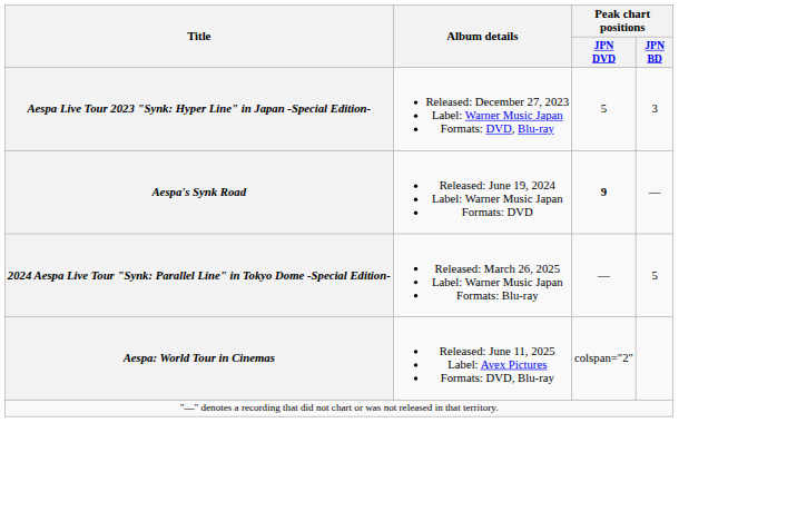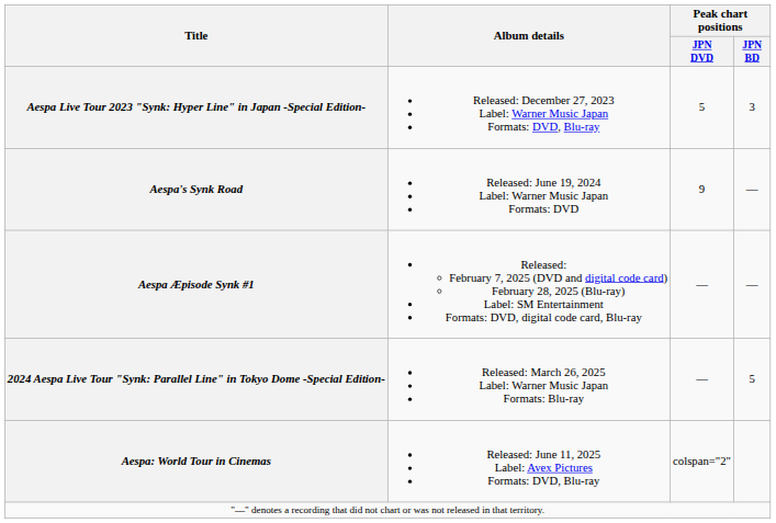 <table class="wikitable plainrowheaders" style="text-align:center">
 <tr>
 <th rowspan="2" scope="col">Title</th>
 <th rowspan="2" scope="col">Album details</th>
 <th colspan="2" scope="col">Peak chart positions</th>
 </tr>
 <tr>
 <th scope="col" style="width:3em;font-size:90%"><a href='#'>JPN<br>DVD</a><br></th>
 <th scope="col" style="width:3em;font-size:90%"><a href='#'>JPN<br>BD</a><br></th>
 </tr>
 <tr>
 <th scope="row"><em>Aespa Live Tour 2023 "Synk: Hyper Line" in Japan -Special Edition-</em></th>
 <td><br><ul><li>Released: December 27, 2023</li><li>Label: <a href='#'>Warner Music Japan</a></li><li>Formats: <a href='#'>DVD</a>, <a href='#'>Blu-ray</a></li></ul></td>
 <td>5</td>
 <td>3</td>
 </tr>
 <tr>
 <th scope="row"><em>Aespa's Synk Road</em></th>
 <td><br><ul><li>Released: June 19, 2024</li><li>Label: Warner Music Japan</li><li>Formats: DVD</li></ul></td>
-<td><strong>9</strong></td>
+<td>9</td>
+<td>—</td>
+</tr>
+<tr>
+<th scope="row"><em>Aespa Æpisode Synk #1</em></th>
+<td><br><ul><li>Released:<ul><li>February 7, 2025 (DVD and <a href='#'>digital code card</a>)</li><li>February 28, 2025 (Blu-ray)</li></ul></li><li>Label: SM Entertainment</li><li>Formats: DVD, digital code card, Blu-ray</li></ul></td>
+<td>—</td>
 <td>—</td>
 </tr>
 <tr>
 <th scope="row"><em>2024 Aespa Live Tour "Synk: Parallel Line" in Tokyo Dome -Special Edition-</em></th>
 <td><br><ul><li>Released: March 26, 2025</li><li>Label: Warner Music Japan</li><li>Formats: Blu-ray</li></ul></td>
 <td>—</td>
 <td>5</td>
 </tr>
 <tr>
 <th scope="row"><em>Aespa: World Tour in Cinemas</em></th>
 <td><br><ul><li>Released: June 11, 2025</li><li>Label: <a href='#'>Avex Pictures</a></li><li>Formats: DVD, Blu-ray</li></ul></td>
 <td>colspan="2" </td>
 </tr>
 <tr>
 <td colspan="4" style="font-size:85%">"—" denotes a recording that did not chart or was not released in that territory.</td>
 </tr>
 </table>
